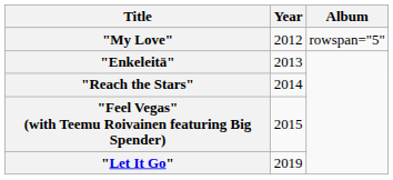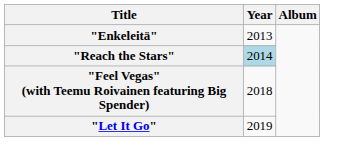 <table class="wikitable plainrowheaders" style="text-align:center;">
 <tr>
 <th scope="col" style="width:18em;">Title</th>
 <th scope="col" style="width:1em;">Year</th>
 <th scope="col">Album</th>
 </tr>
 <tr>
-<th scope="row">"My Love" </th>
-<td>2012</td>
-<td>rowspan="5" </td>
-</tr>
-<tr>
 <th scope="row">"Enkeleitä" </th>
 <td>2013</td>
 </tr>
 <tr>
 <th scope="row">"Reach the Stars"</th>
-<td>2014</td>
+<td style="background: lightblue;">2014</td>
 </tr>
 <tr>
 <th scope="row">"Feel Vegas"<br><span>(with Teemu Roivainen featuring Big Spender)</span></th>
-<td>2015</td>
+<td>2018</td>
 </tr>
 <tr>
 <th scope="row">"<a href='#'>Let It Go</a>"</th>
 <td>2019</td>
 </tr>
 </table>
